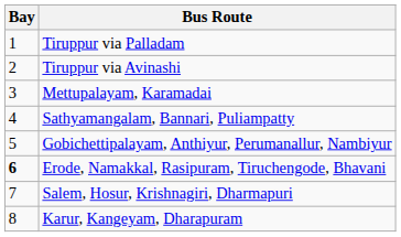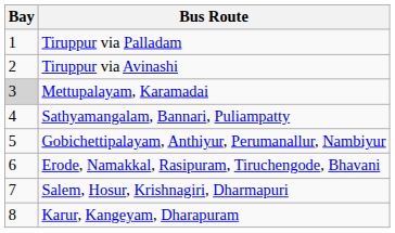 <table class ="wikitable">
 <tr>
 <th>Bay</th>
 <th>Bus Route</th>
 </tr>
 <tr>
 <td>1</td>
 <td><a href='#'>Tiruppur</a> via <a href='#'>Palladam</a></td>
 </tr>
 <tr>
 <td>2</td>
 <td><a href='#'>Tiruppur</a> via <a href='#'>Avinashi</a></td>
 </tr>
 <tr>
-<td>3</td>
+<td style="background: lightgrey;">3</td>
 <td><a href='#'>Mettupalayam</a>, <a href='#'>Karamadai</a></td>
 </tr>
 <tr>
 <td>4</td>
 <td><a href='#'>Sathyamangalam</a>, <a href='#'>Bannari</a>, <a href='#'>Puliampatty</a></td>
 </tr>
 <tr>
 <td>5</td>
 <td><a href='#'>Gobichettipalayam</a>, <a href='#'>Anthiyur</a>, <a href='#'>Perumanallur</a>, <a href='#'>Nambiyur</a></td>
 </tr>
 <tr>
-<td><strong>6</strong></td>
+<td>6</td>
 <td><a href='#'>Erode</a>, <a href='#'>Namakkal</a>, <a href='#'>Rasipuram</a>, <a href='#'>Tiruchengode</a>, <a href='#'>Bhavani</a></td>
 </tr>
 <tr>
 <td>7</td>
 <td><a href='#'>Salem</a>, <a href='#'>Hosur</a>, <a href='#'>Krishnagiri</a>, <a href='#'>Dharmapuri</a></td>
 </tr>
 <tr>
 <td>8</td>
 <td><a href='#'>Karur</a>, <a href='#'>Kangeyam</a>, <a href='#'>Dharapuram</a></td>
 </tr>
 </table>
